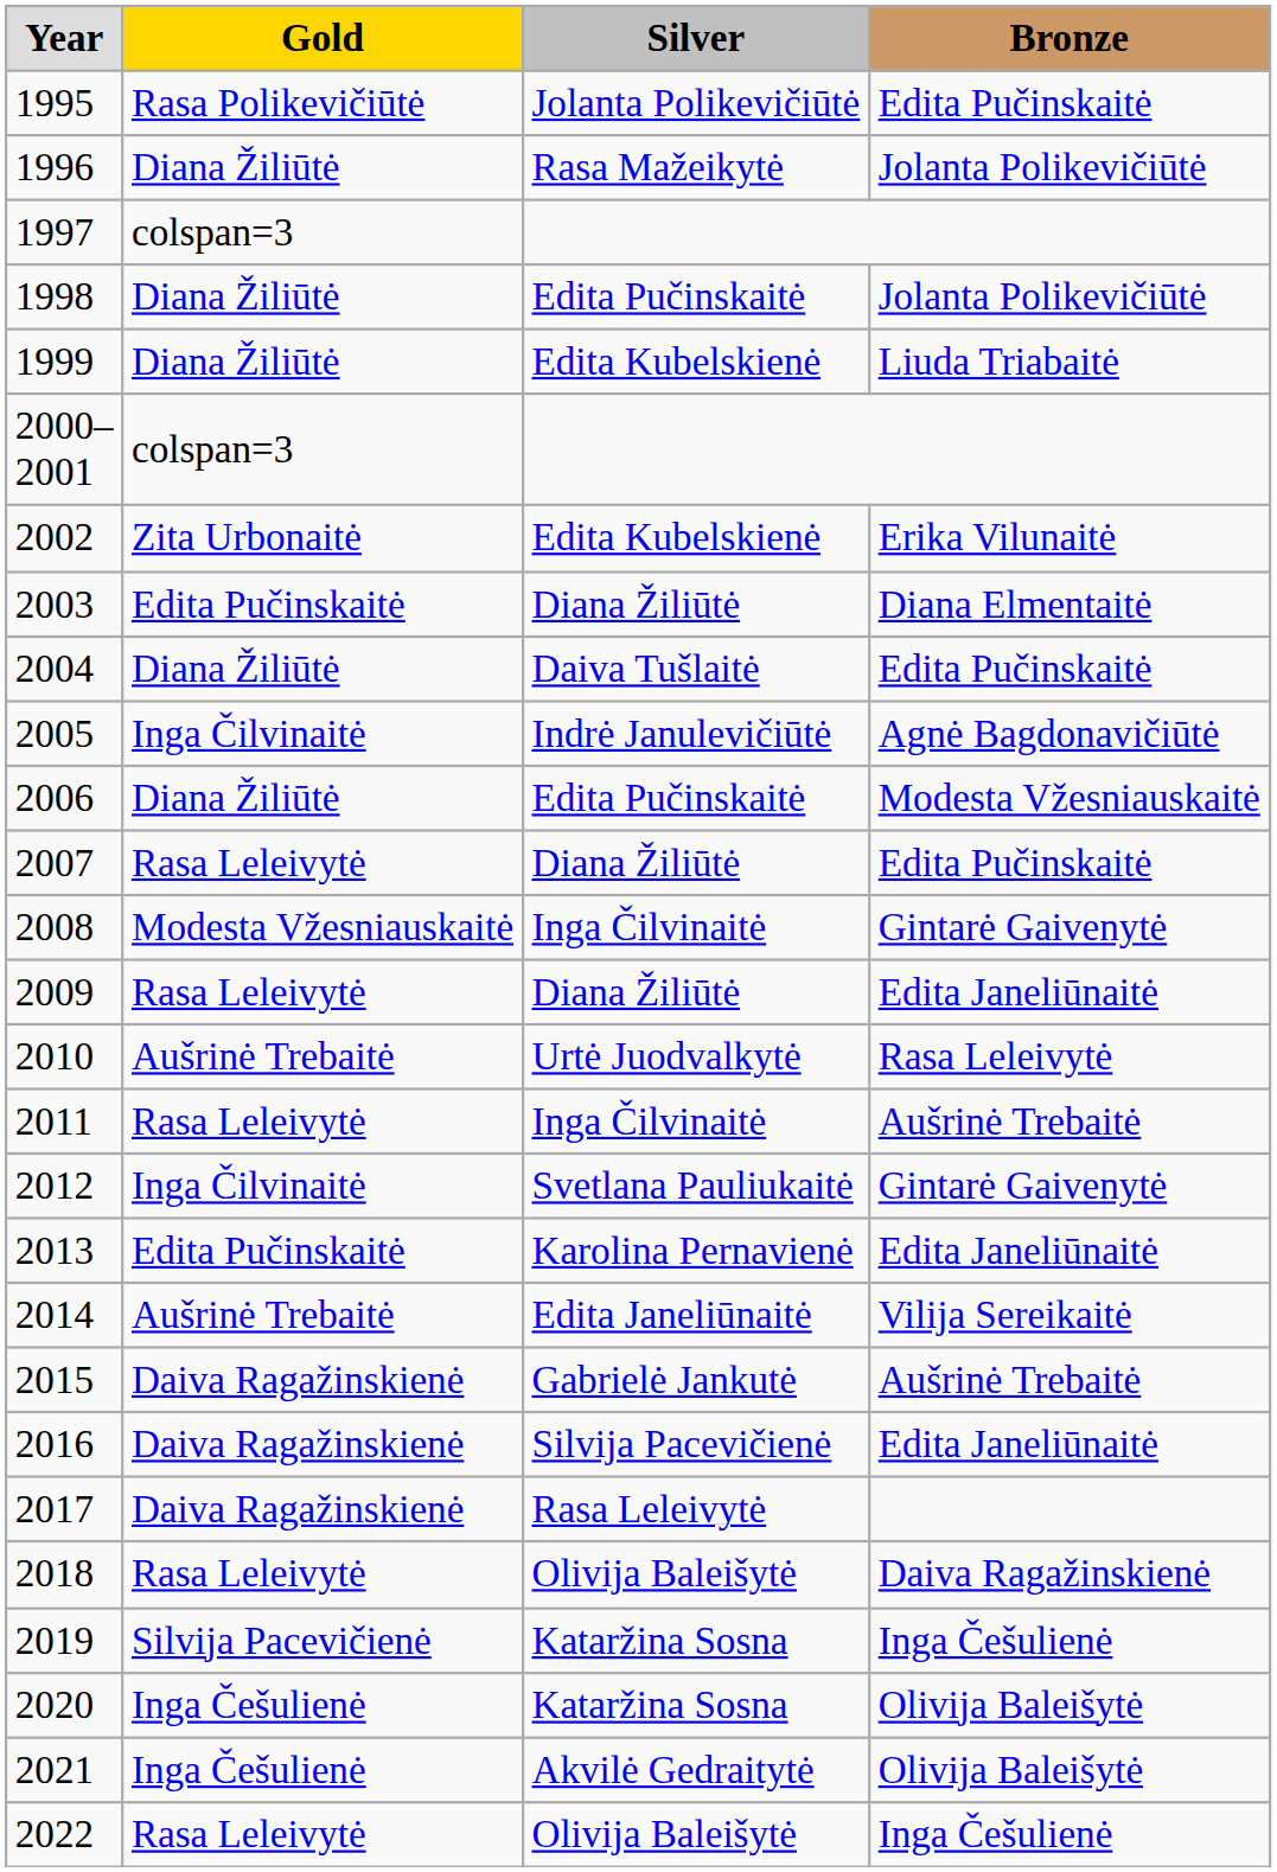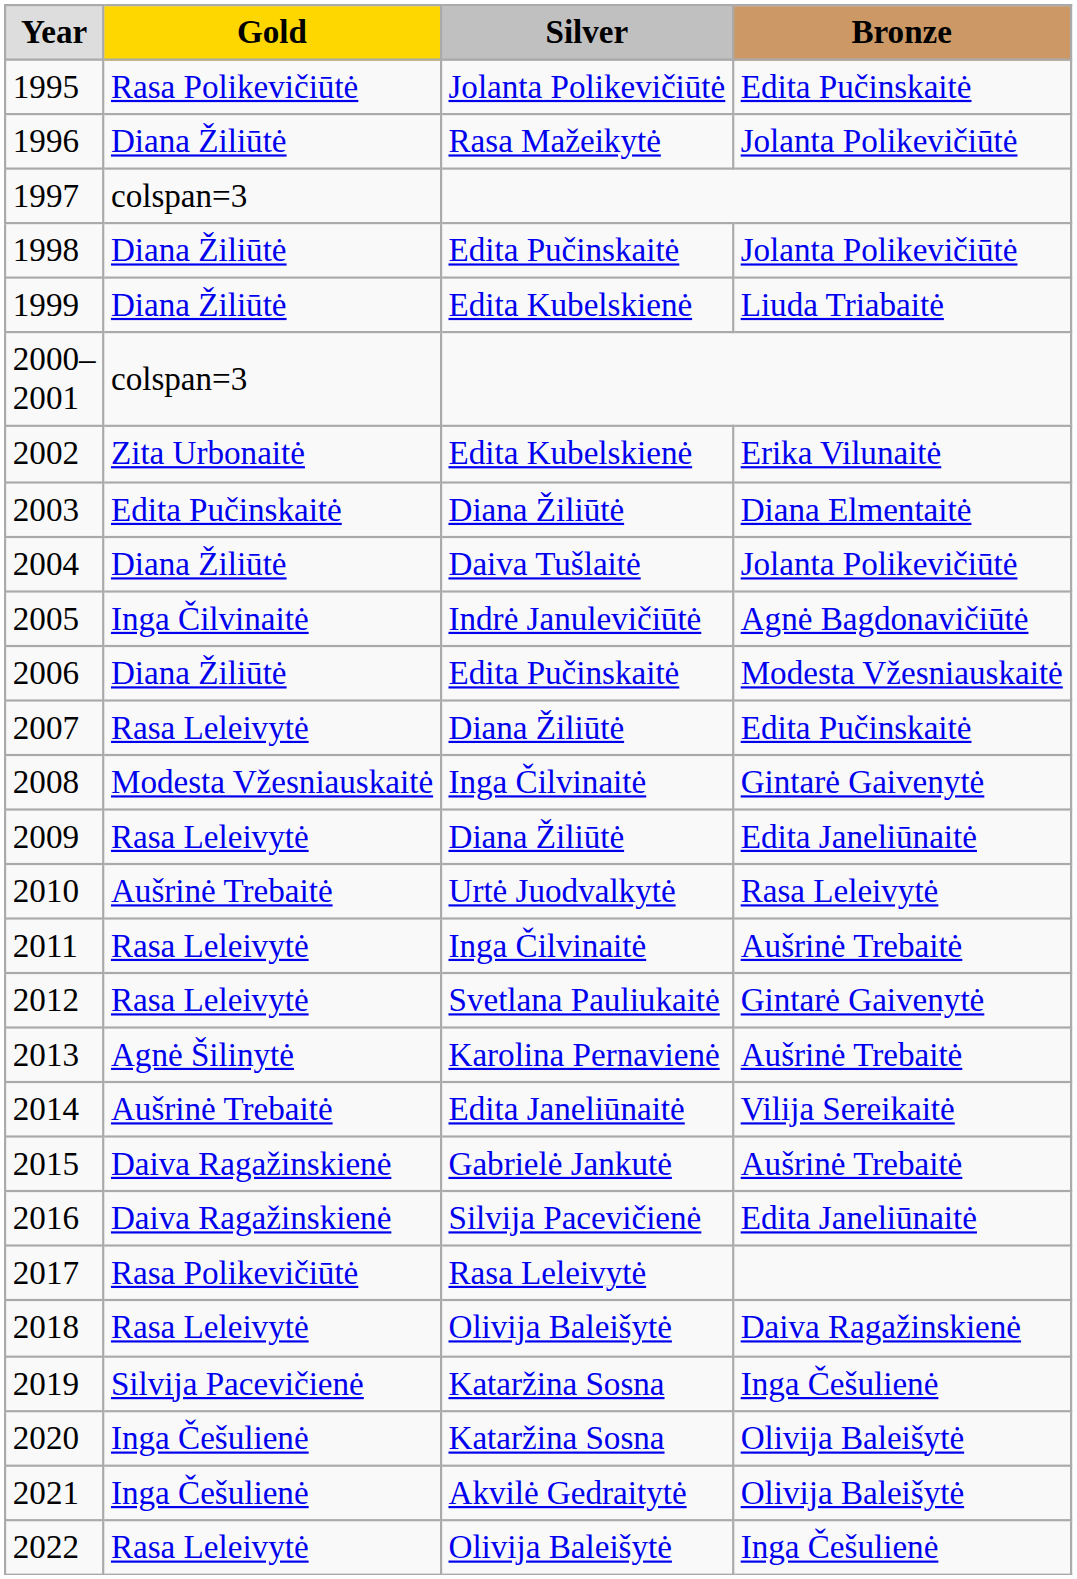 <table class="wikitable sortable" style="font-size:95%">
 <tr style="text-align:center; background:#e4e4e4; font-weight:bold;">
 <td style="background:#ddd; ">Year</td>
 <td style="background:gold; ">Gold</td>
 <td style="background:silver; ">Silver</td>
 <td style="background:#c96; ">Bronze</td>
 </tr>
 <tr>
 <td>1995</td>
 <td><a href='#'>Rasa Polikevičiūtė</a></td>
 <td><a href='#'>Jolanta Polikevičiūtė</a></td>
 <td><a href='#'>Edita Pučinskaitė</a></td>
 </tr>
 <tr>
 <td>1996</td>
 <td><a href='#'>Diana Žiliūtė</a></td>
 <td><a href='#'>Rasa Mažeikytė</a></td>
 <td><a href='#'>Jolanta Polikevičiūtė</a></td>
 </tr>
 <tr>
 <td>1997</td>
 <td>colspan=3 </td>
 </tr>
 <tr>
 <td>1998</td>
 <td><a href='#'>Diana Žiliūtė</a></td>
 <td><a href='#'>Edita Pučinskaitė</a></td>
 <td><a href='#'>Jolanta Polikevičiūtė</a></td>
 </tr>
 <tr>
 <td>1999</td>
 <td><a href='#'>Diana Žiliūtė</a></td>
 <td><a href='#'>Edita Kubelskienė</a></td>
 <td><a href='#'>Liuda Triabaitė</a></td>
 </tr>
 <tr>
 <td>2000–<br>2001</td>
 <td>colspan=3 </td>
 </tr>
 <tr>
 <td>2002</td>
 <td><a href='#'>Zita Urbonaitė</a></td>
 <td><a href='#'>Edita Kubelskienė</a></td>
 <td><a href='#'>Erika Vilunaitė</a></td>
 </tr>
 <tr>
 <td>2003</td>
 <td><a href='#'>Edita Pučinskaitė</a></td>
 <td><a href='#'>Diana Žiliūtė</a></td>
 <td><a href='#'>Diana Elmentaitė</a></td>
 </tr>
 <tr>
 <td>2004</td>
 <td><a href='#'>Diana Žiliūtė</a></td>
 <td><a href='#'>Daiva Tušlaitė</a></td>
-<td><a href='#'>Edita Pučinskaitė</a></td>
+<td><a href='#'>Jolanta Polikevičiūtė</a></td>
 </tr>
 <tr>
 <td>2005</td>
 <td><a href='#'>Inga Čilvinaitė</a></td>
 <td><a href='#'>Indrė Janulevičiūtė</a></td>
 <td><a href='#'>Agnė Bagdonavičiūtė</a></td>
 </tr>
 <tr>
 <td>2006</td>
 <td><a href='#'>Diana Žiliūtė</a></td>
 <td><a href='#'>Edita Pučinskaitė</a></td>
 <td><a href='#'>Modesta Vžesniauskaitė</a></td>
 </tr>
 <tr>
 <td>2007</td>
 <td><a href='#'>Rasa Leleivytė</a></td>
 <td><a href='#'>Diana Žiliūtė</a></td>
 <td><a href='#'>Edita Pučinskaitė</a></td>
 </tr>
 <tr>
 <td>2008</td>
 <td><a href='#'>Modesta Vžesniauskaitė</a></td>
 <td><a href='#'>Inga Čilvinaitė</a></td>
 <td><a href='#'>Gintarė Gaivenytė</a></td>
 </tr>
 <tr>
 <td>2009</td>
 <td><a href='#'>Rasa Leleivytė</a></td>
 <td><a href='#'>Diana Žiliūtė</a></td>
 <td><a href='#'>Edita Janeliūnaitė</a></td>
 </tr>
 <tr>
 <td>2010</td>
 <td><a href='#'>Aušrinė Trebaitė</a></td>
 <td><a href='#'>Urtė Juodvalkytė</a></td>
 <td><a href='#'>Rasa Leleivytė</a></td>
 </tr>
 <tr>
 <td>2011</td>
 <td><a href='#'>Rasa Leleivytė</a></td>
 <td><a href='#'>Inga Čilvinaitė</a></td>
 <td><a href='#'>Aušrinė Trebaitė</a></td>
 </tr>
 <tr>
 <td>2012</td>
-<td><a href='#'>Inga Čilvinaitė</a></td>
+<td><a href='#'>Rasa Leleivytė</a></td>
 <td><a href='#'>Svetlana Pauliukaitė</a></td>
 <td><a href='#'>Gintarė Gaivenytė</a></td>
 </tr>
 <tr>
 <td>2013</td>
-<td><a href='#'>Edita Pučinskaitė</a></td>
+<td><a href='#'>Agnė Šilinytė</a></td>
 <td><a href='#'>Karolina Pernavienė</a></td>
-<td><a href='#'>Edita Janeliūnaitė</a></td>
+<td><a href='#'>Aušrinė Trebaitė</a></td>
 </tr>
 <tr>
 <td>2014</td>
 <td><a href='#'>Aušrinė Trebaitė</a></td>
 <td><a href='#'>Edita Janeliūnaitė</a></td>
 <td><a href='#'>Vilija Sereikaitė</a></td>
 </tr>
 <tr>
 <td>2015</td>
 <td><a href='#'>Daiva Ragažinskienė</a></td>
 <td><a href='#'>Gabrielė Jankutė</a></td>
 <td><a href='#'>Aušrinė Trebaitė</a></td>
 </tr>
 <tr>
 <td>2016</td>
 <td><a href='#'>Daiva Ragažinskienė</a></td>
 <td><a href='#'>Silvija Pacevičienė</a></td>
 <td><a href='#'>Edita Janeliūnaitė</a></td>
 </tr>
 <tr>
 <td>2017</td>
-<td><a href='#'>Daiva Ragažinskienė</a></td>
+<td><a href='#'>Rasa Polikevičiūtė</a></td>
 <td><a href='#'>Rasa Leleivytė</a></td>
 <td></td>
 </tr>
 <tr>
 <td>2018</td>
 <td><a href='#'>Rasa Leleivytė</a></td>
 <td><a href='#'>Olivija Baleišytė</a></td>
 <td><a href='#'>Daiva Ragažinskienė</a></td>
 </tr>
 <tr>
 <td>2019</td>
 <td><a href='#'>Silvija Pacevičienė</a></td>
 <td><a href='#'>Kataržina Sosna</a></td>
 <td><a href='#'>Inga Češulienė</a></td>
 </tr>
 <tr>
 <td>2020</td>
 <td><a href='#'>Inga Češulienė</a></td>
 <td><a href='#'>Kataržina Sosna</a></td>
 <td><a href='#'>Olivija Baleišytė</a></td>
 </tr>
 <tr>
 <td>2021</td>
 <td><a href='#'>Inga Češulienė</a></td>
 <td><a href='#'>Akvilė Gedraitytė</a></td>
 <td><a href='#'>Olivija Baleišytė</a></td>
 </tr>
 <tr>
 <td>2022</td>
 <td><a href='#'>Rasa Leleivytė</a></td>
 <td><a href='#'>Olivija Baleišytė</a></td>
 <td><a href='#'>Inga Češulienė</a></td>
 </tr>
 </table>
